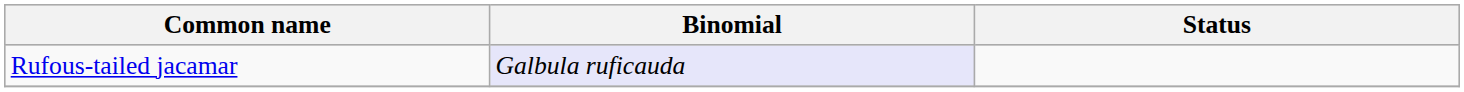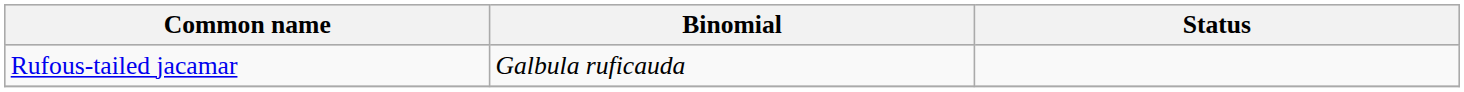 <table width=72% class="wikitable">
 <tr>
 <th width=24%>Common name</th>
 <th width=24%>Binomial</th>
 <th width=24%>Status</th>
 </tr>
 <tr>
 <td><a href='#'>Rufous-tailed jacamar</a></td>
-<td style="background: lavender;"><em>Galbula ruficauda</em></td>
+<td><em>Galbula ruficauda</em></td>
 <td></td>
 </tr>
 <tr>
 </tr>
 </table>
